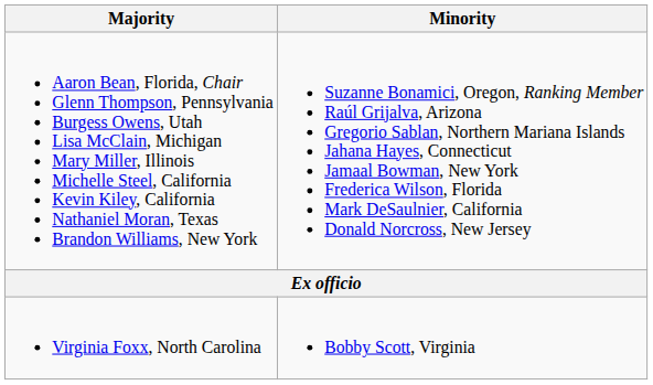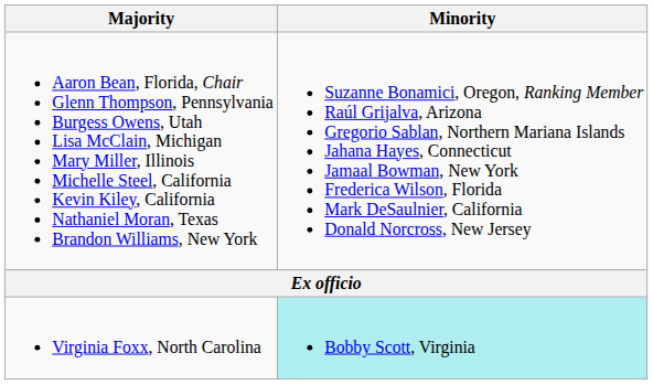 <table class=wikitable>
 <tr>
 <th>Majority</th>
 <th>Minority</th>
 </tr>
 <tr>
 <td><br><ul><li><a href='#'>Aaron Bean</a>, Florida, <em>Chair</em></li><li><a href='#'>Glenn Thompson</a>, Pennsylvania</li><li><a href='#'>Burgess Owens</a>, Utah</li><li><a href='#'>Lisa McClain</a>, Michigan</li><li><a href='#'>Mary Miller</a>, Illinois</li><li><a href='#'>Michelle Steel</a>, California</li><li><a href='#'>Kevin Kiley</a>, California</li><li><a href='#'>Nathaniel Moran</a>, Texas</li><li><a href='#'>Brandon Williams</a>, New York</li></ul></td>
 <td><br><ul><li><a href='#'>Suzanne Bonamici</a>, Oregon, <em>Ranking Member</em></li><li><a href='#'>Raúl Grijalva</a>, Arizona</li><li><a href='#'>Gregorio Sablan</a>, Northern Mariana Islands</li><li><a href='#'>Jahana Hayes</a>, Connecticut</li><li><a href='#'>Jamaal Bowman</a>, New York</li><li><a href='#'>Frederica Wilson</a>, Florida</li><li><a href='#'>Mark DeSaulnier</a>, California</li><li><a href='#'>Donald Norcross</a>, New Jersey</li></ul></td>
 </tr>
 <tr>
 <th colspan=2><em>Ex officio</em></th>
 </tr>
 <tr>
 <td><br><ul><li><a href='#'>Virginia Foxx</a>, North Carolina</li></ul></td>
-<td><br><ul><li><a href='#'>Bobby Scott</a>, Virginia</li></ul></td>
+<td style="background: paleturquoise;"><br><ul><li><a href='#'>Bobby Scott</a>, Virginia</li></ul></td>
 </tr>
 </table>
